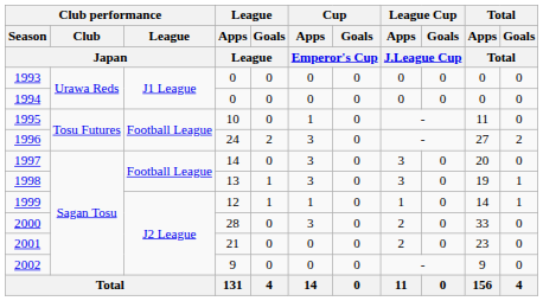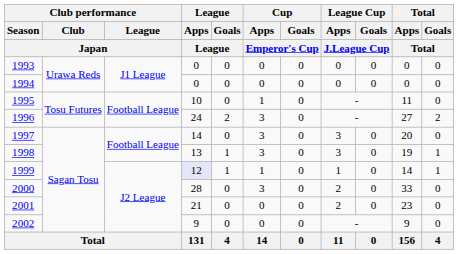 <table class="wikitable" style="text-align:center;">
 <tr>
 <th colspan=3>Club performance</th>
 <th colspan=2>League</th>
 <th colspan=2>Cup</th>
 <th colspan=2>League Cup</th>
 <th colspan=2>Total</th>
 </tr>
 <tr>
 <th>Season</th>
 <th>Club</th>
 <th>League</th>
 <th>Apps</th>
 <th>Goals</th>
 <th>Apps</th>
 <th>Goals</th>
 <th>Apps</th>
 <th>Goals</th>
 <th>Apps</th>
 <th>Goals</th>
 </tr>
 <tr>
 <th colspan=3>Japan</th>
 <th colspan=2>League</th>
 <th colspan=2><a href='#'>Emperor's Cup</a></th>
 <th colspan=2><a href='#'>J.League Cup</a></th>
 <th colspan=2>Total</th>
 </tr>
 <tr>
 <td><a href='#'>1993</a></td>
 <td rowspan="2"><a href='#'>Urawa Reds</a></td>
 <td rowspan="2"><a href='#'>J1 League</a></td>
 <td>0</td>
 <td>0</td>
 <td>0</td>
 <td>0</td>
 <td>0</td>
 <td>0</td>
 <td>0</td>
 <td>0</td>
 </tr>
 <tr>
 <td><a href='#'>1994</a></td>
 <td>0</td>
 <td>0</td>
 <td>0</td>
 <td>0</td>
 <td>0</td>
 <td>0</td>
 <td>0</td>
 <td>0</td>
 </tr>
 <tr>
 <td><a href='#'>1995</a></td>
 <td rowspan="2"><a href='#'>Tosu Futures</a></td>
 <td rowspan="2"><a href='#'>Football League</a></td>
 <td>10</td>
 <td>0</td>
 <td>1</td>
 <td>0</td>
 <td colspan="2">-</td>
 <td>11</td>
 <td>0</td>
 </tr>
 <tr>
 <td><a href='#'>1996</a></td>
 <td>24</td>
 <td>2</td>
 <td>3</td>
 <td>0</td>
 <td colspan="2">-</td>
 <td>27</td>
 <td>2</td>
 </tr>
 <tr>
 <td><a href='#'>1997</a></td>
 <td rowspan="6"><a href='#'>Sagan Tosu</a></td>
 <td rowspan="2"><a href='#'>Football League</a></td>
 <td>14</td>
 <td>0</td>
 <td>3</td>
 <td>0</td>
 <td>3</td>
 <td>0</td>
 <td>20</td>
 <td>0</td>
 </tr>
 <tr>
 <td><a href='#'>1998</a></td>
 <td>13</td>
 <td>1</td>
 <td>3</td>
 <td>0</td>
 <td>3</td>
 <td>0</td>
 <td>19</td>
 <td>1</td>
 </tr>
 <tr>
 <td><a href='#'>1999</a></td>
 <td rowspan="4"><a href='#'>J2 League</a></td>
-<td>12</td>
+<td style="background: lavender;">12</td>
 <td>1</td>
 <td>1</td>
 <td>0</td>
 <td>1</td>
 <td>0</td>
 <td>14</td>
 <td>1</td>
 </tr>
 <tr>
 <td><a href='#'>2000</a></td>
 <td>28</td>
 <td>0</td>
 <td>3</td>
 <td>0</td>
 <td>2</td>
 <td>0</td>
 <td>33</td>
 <td>0</td>
 </tr>
 <tr>
 <td><a href='#'>2001</a></td>
 <td>21</td>
 <td>0</td>
 <td>0</td>
 <td>0</td>
 <td>2</td>
 <td>0</td>
 <td>23</td>
 <td>0</td>
 </tr>
 <tr>
 <td><a href='#'>2002</a></td>
 <td>9</td>
 <td>0</td>
 <td>0</td>
 <td>0</td>
 <td colspan="2">-</td>
 <td>9</td>
 <td>0</td>
 </tr>
 <tr>
 <th colspan=3>Total</th>
 <th>131</th>
 <th>4</th>
 <th>14</th>
 <th>0</th>
 <th>11</th>
 <th>0</th>
 <th>156</th>
 <th>4</th>
 </tr>
 </table>
